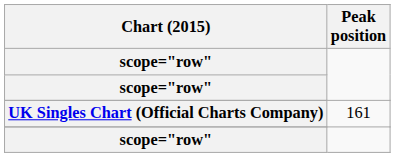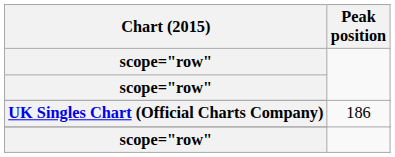 <table class="wikitable sortable plainrowheaders" style="text-align:center">
 <tr>
 <th scope="col">Chart (2015)</th>
 <th scope="col">Peak<br>position</th>
 </tr>
 <tr>
 <th>scope="row"</th>
 </tr>
 <tr>
 <th>scope="row"</th>
 </tr>
 <tr>
 </tr>
 <tr>
 <th scope="row"><a href='#'>UK Singles Chart</a> (Official Charts Company)</th>
-<td align="center">161</td>
+<td align="center">186</td>
 </tr>
 <tr>
 </tr>
 <tr>
 <th>scope="row"</th>
 </tr>
 </table>
